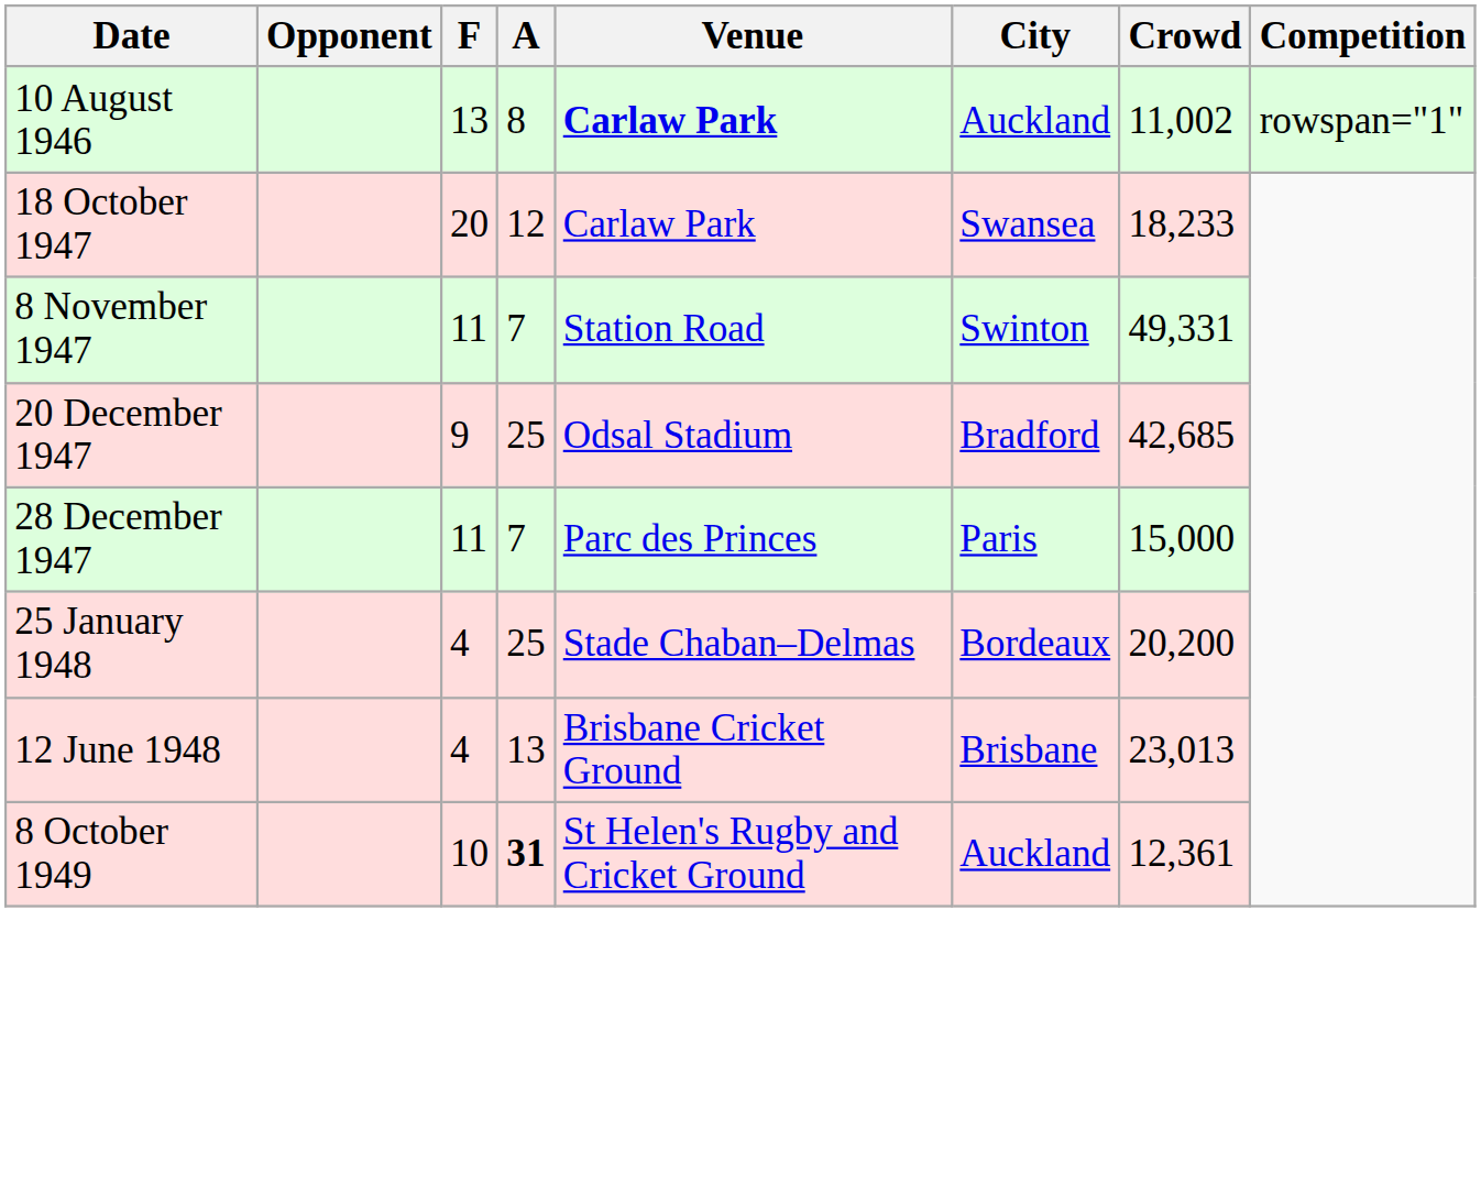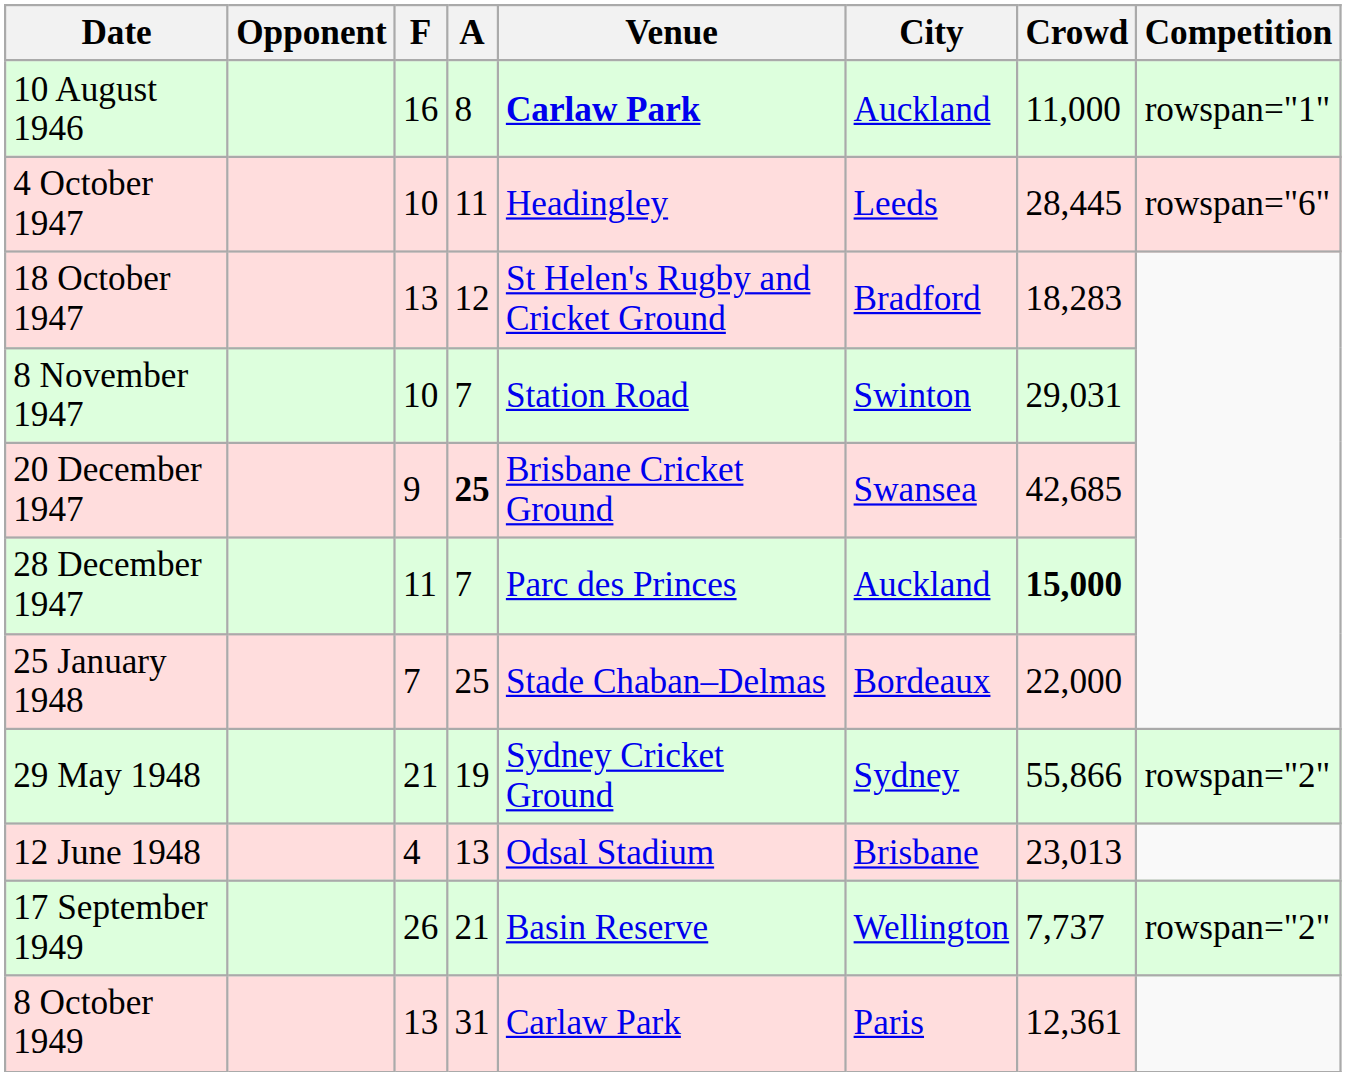 <table class="wikitable sortable">
 <tr>
 <th>Date</th>
 <th>Opponent</th>
 <th>F</th>
 <th>A</th>
 <th>Venue</th>
 <th>City</th>
 <th>Crowd</th>
 <th>Competition</th>
 </tr>
 <tr style="background:#ddffdd;">
 <td>10 August 1946</td>
 <td></td>
-<td>13</td>
+<td>16</td>
 <td>8</td>
 <td><strong><a href='#'>Carlaw Park</a></strong></td>
 <td><a href='#'>Auckland</a></td>
-<td>11,002</td>
+<td>11,000</td>
 <td>rowspan="1"</td>
+</tr>
+<tr style="background:#ffdddd;">
+<td>4 October 1947</td>
+<td></td>
+<td>10</td>
+<td>11</td>
+<td><a href='#'>Headingley</a></td>
+<td><a href='#'>Leeds</a></td>
+<td>28,445</td>
+<td>rowspan="6" </td>
 </tr>
 <tr style="background:#ffdddd;">
 <td>18 October 1947</td>
 <td></td>
-<td>20</td>
+<td>13</td>
 <td>12</td>
-<td><a href='#'>Carlaw Park</a></td>
-<td><a href='#'>Swansea</a></td>
-<td>18,233</td>
+<td><a href='#'>St Helen's Rugby and Cricket Ground</a></td>
+<td><a href='#'>Bradford</a></td>
+<td>18,283</td>
 </tr>
 <tr style="background:#ddffdd;">
 <td>8 November 1947</td>
 <td></td>
-<td>11</td>
+<td>10</td>
 <td>7</td>
 <td><a href='#'>Station Road</a></td>
 <td><a href='#'>Swinton</a></td>
-<td>49,331</td>
+<td>29,031</td>
 </tr>
 <tr style="background:#ffdddd;">
 <td>20 December 1947</td>
 <td></td>
 <td>9</td>
-<td>25</td>
-<td><a href='#'>Odsal Stadium</a></td>
-<td><a href='#'>Bradford</a></td>
+<td><strong>25</strong></td>
+<td><a href='#'>Brisbane Cricket Ground</a></td>
+<td><a href='#'>Swansea</a></td>
 <td>42,685</td>
 </tr>
 <tr style="background:#ddffdd;">
 <td>28 December 1947</td>
 <td></td>
 <td>11</td>
 <td>7</td>
 <td><a href='#'>Parc des Princes</a></td>
-<td><a href='#'>Paris</a></td>
-<td>15,000</td>
+<td><a href='#'>Auckland</a></td>
+<td><strong>15,000</strong></td>
 </tr>
 <tr style="background:#ffdddd;">
 <td>25 January 1948</td>
 <td></td>
-<td>4</td>
+<td>7</td>
 <td>25</td>
 <td><a href='#'>Stade Chaban–Delmas</a></td>
 <td><a href='#'>Bordeaux</a></td>
-<td>20,200</td>
+<td>22,000</td>
+</tr>
+<tr style="background:#ddffdd;">
+<td>29 May 1948</td>
+<td></td>
+<td>21</td>
+<td>19</td>
+<td><a href='#'>Sydney Cricket Ground</a></td>
+<td><a href='#'>Sydney</a></td>
+<td>55,866</td>
+<td>rowspan="2" </td>
 </tr>
 <tr style="background:#ffdddd;">
 <td>12 June 1948</td>
 <td></td>
 <td>4</td>
 <td>13</td>
-<td><a href='#'>Brisbane Cricket Ground</a></td>
+<td><a href='#'>Odsal Stadium</a></td>
 <td><a href='#'>Brisbane</a></td>
 <td>23,013</td>
+</tr>
+<tr style="background:#ddffdd;">
+<td>17 September 1949</td>
+<td></td>
+<td>26</td>
+<td>21</td>
+<td><a href='#'>Basin Reserve</a></td>
+<td><a href='#'>Wellington</a></td>
+<td>7,737</td>
+<td>rowspan="2" </td>
 </tr>
 <tr style="background:#ffdddd;">
 <td>8 October 1949</td>
 <td></td>
-<td>10</td>
-<td><strong>31</strong></td>
-<td><a href='#'>St Helen's Rugby and Cricket Ground</a></td>
-<td><a href='#'>Auckland</a></td>
+<td>13</td>
+<td>31</td>
+<td><a href='#'>Carlaw Park</a></td>
+<td><a href='#'>Paris</a></td>
 <td>12,361</td>
 </tr>
 </table>
